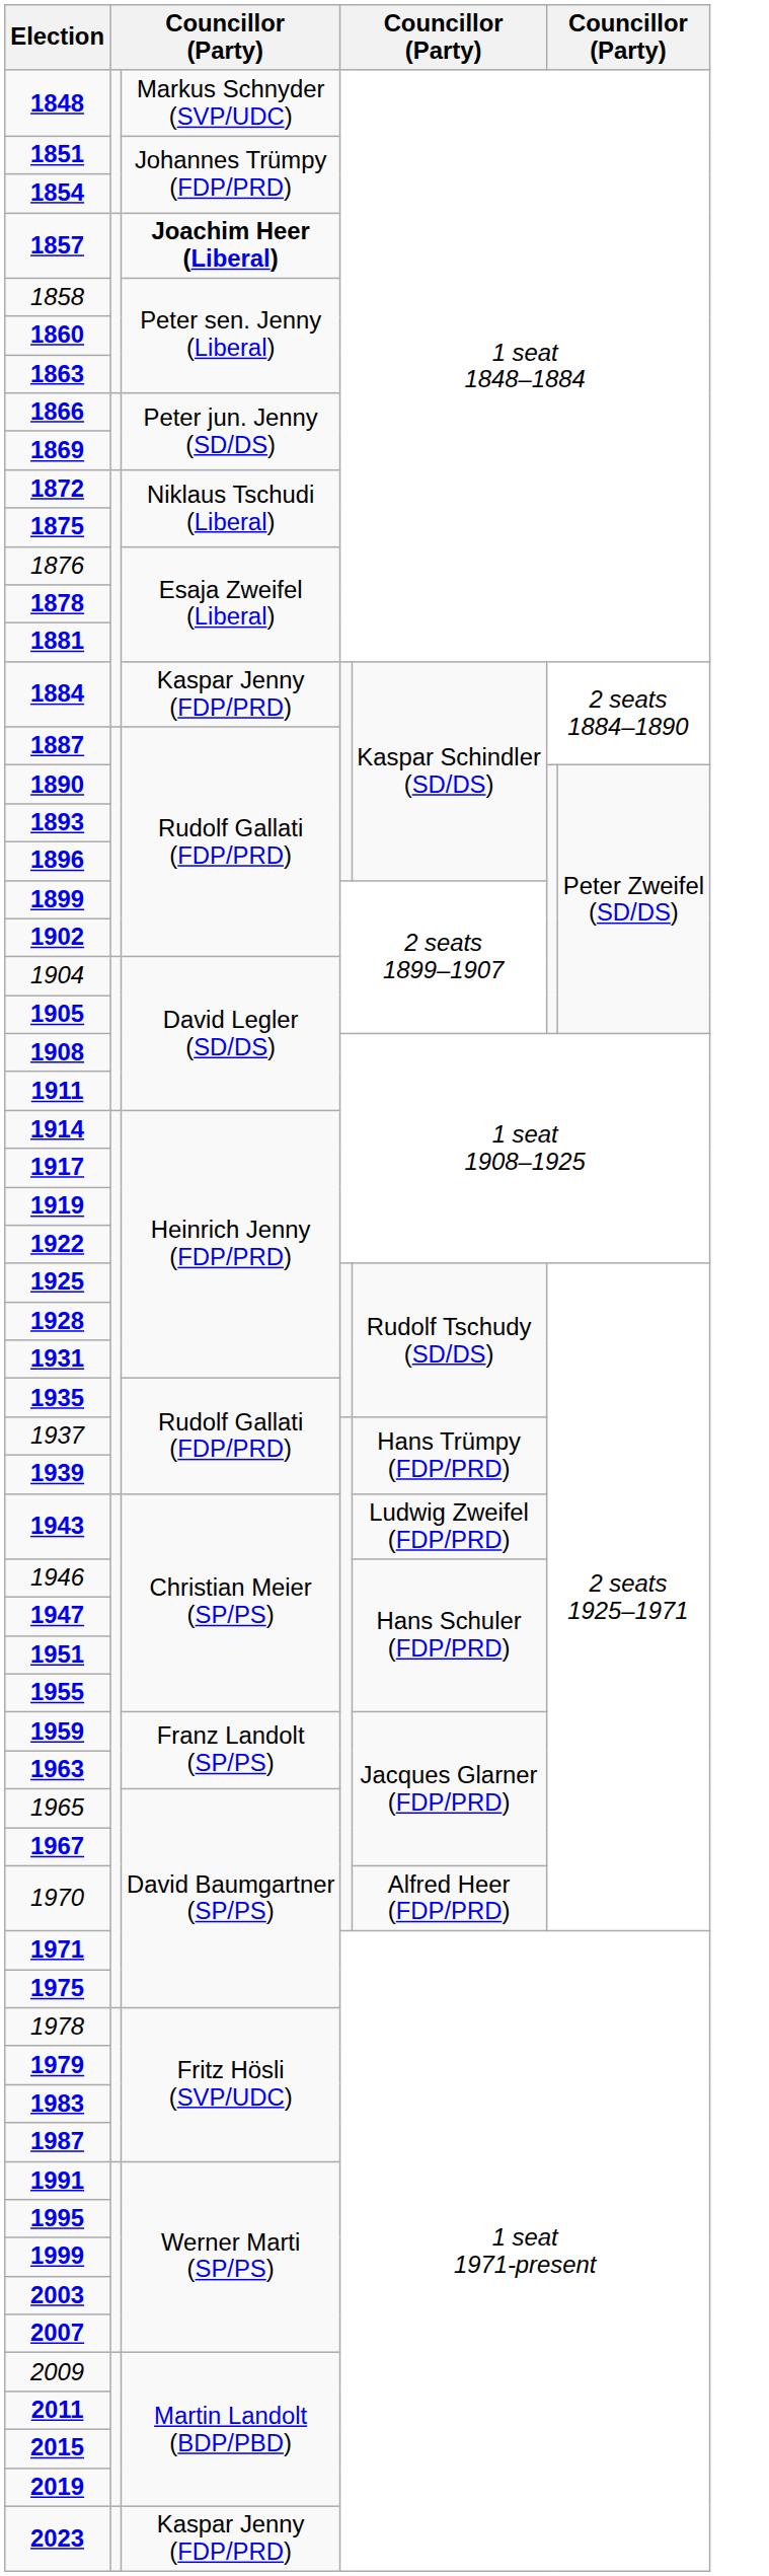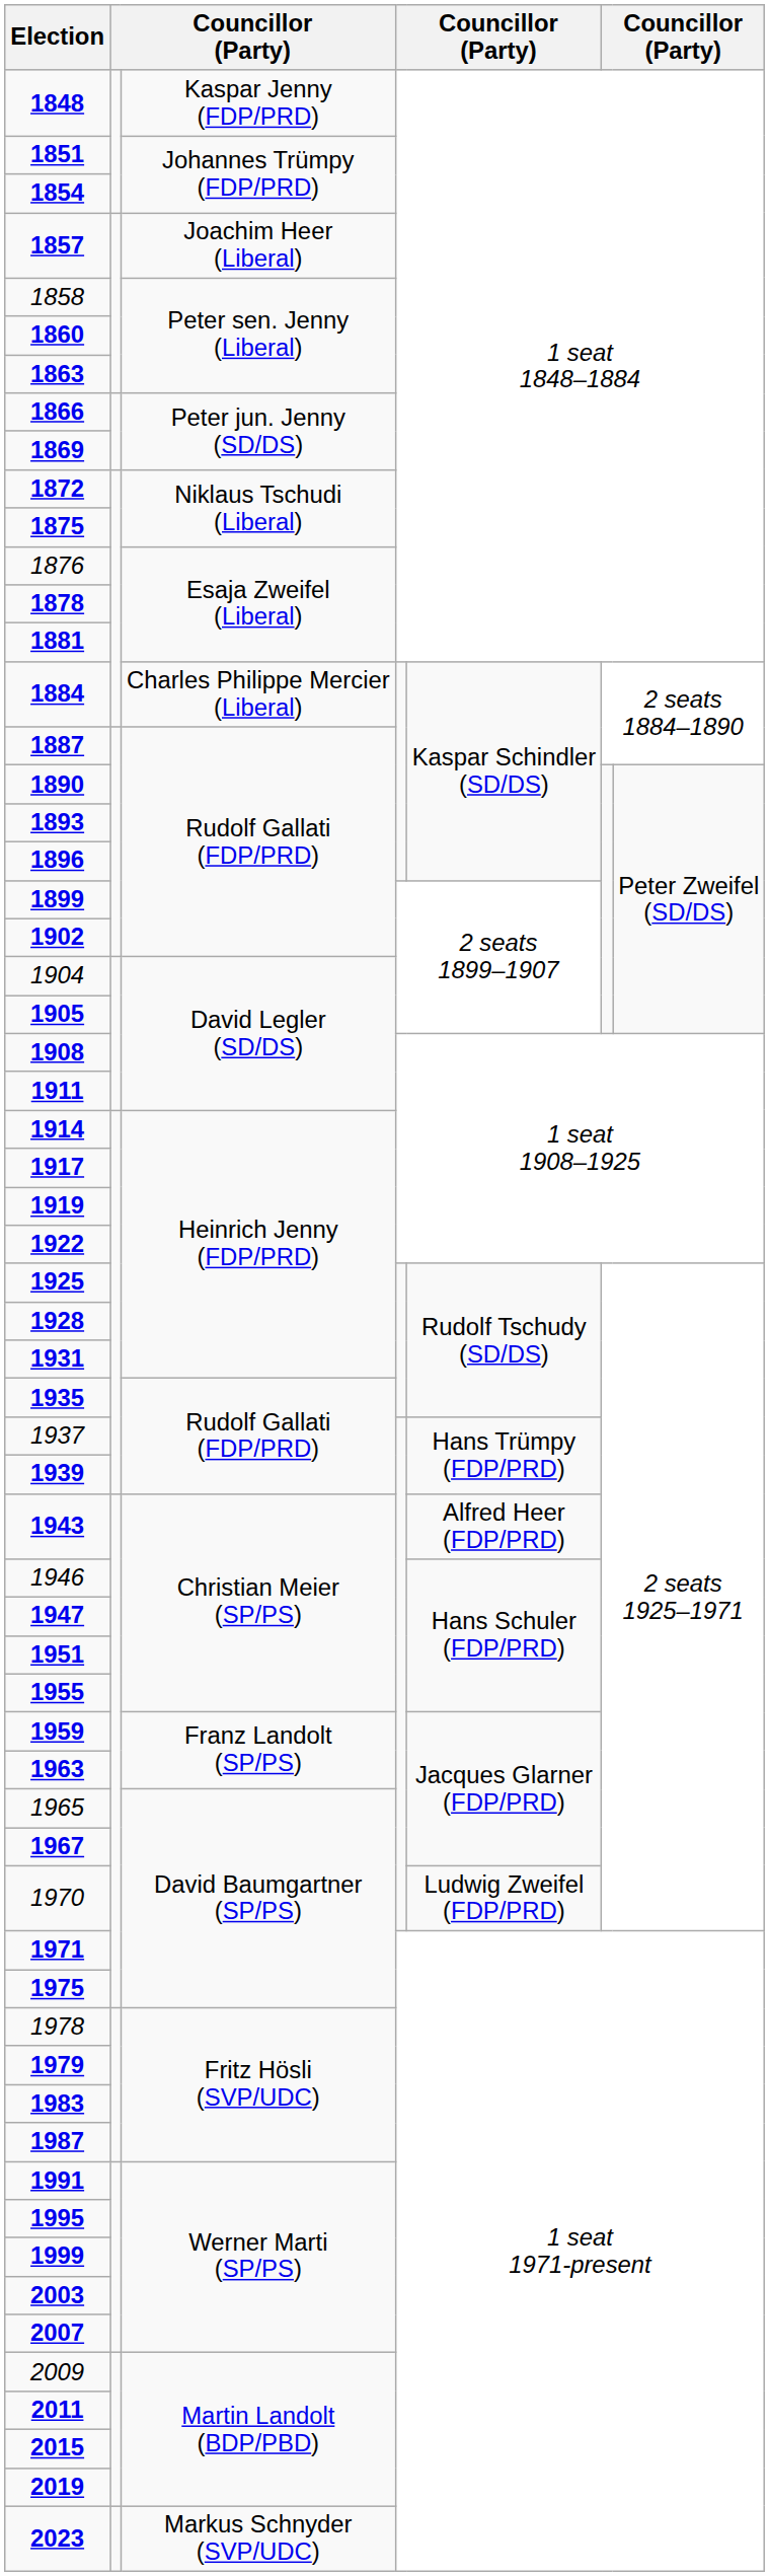 <table class="wikitable" style="text-align:center">
 <tr>
 <th>Election</th>
 <th colspan=2>Councillor<br>(Party)</th>
 <th colspan=2>Councillor<br>(Party)</th>
 <th colspan=2>Councillor<br>(Party)</th>
 </tr>
 <tr>
 <td><strong><a href='#'>1848</a></strong></td>
 <td rowspan=3; style="background-color: "></td>
-<td rowspan="1">Markus Schnyder<br>(<a href='#'>SVP/UDC</a>)</td>
+<td rowspan="1">Kaspar Jenny<br>(<a href='#'>FDP/PRD</a>)</td>
 <td colspan="4" rowspan="14" style="background-color:#FFFFFF"><em>1 seat<br>1848–1884</em></td>
 </tr>
 <tr>
 <td><strong><a href='#'>1851</a></strong></td>
 <td rowspan="2">Johannes Trümpy<br>(<a href='#'>FDP/PRD</a>)</td>
 </tr>
 <tr>
 <td><strong><a href='#'>1854</a></strong></td>
 </tr>
 <tr>
 <td><strong><a href='#'>1857</a></strong></td>
 <td rowspan=4; style="background-color: "></td>
-<td rowspan="1"><strong>Joachim Heer<br>(<a href='#'>Liberal</a>)</strong></td>
+<td rowspan="1">Joachim Heer<br>(<a href='#'>Liberal</a>)</td>
 </tr>
 <tr>
 <td><em>1858</em></td>
 <td rowspan="3">Peter sen. Jenny<br>(<a href='#'>Liberal</a>)</td>
 </tr>
 <tr>
 <td><strong><a href='#'>1860</a></strong></td>
 </tr>
 <tr>
 <td><strong><a href='#'>1863</a></strong></td>
 </tr>
 <tr>
 <td><strong><a href='#'>1866</a></strong></td>
 <td rowspan=2; style="background-color: "></td>
 <td rowspan="2">Peter jun. Jenny<br>(<a href='#'>SD/DS</a>)</td>
 </tr>
 <tr>
 <td><strong><a href='#'>1869</a></strong></td>
 </tr>
 <tr>
 <td><strong><a href='#'>1872</a></strong></td>
 <td rowspan=6; style="background-color: "></td>
 <td rowspan="2">Niklaus Tschudi<br>(<a href='#'>Liberal</a>)</td>
 </tr>
 <tr>
 <td><strong><a href='#'>1875</a></strong></td>
 </tr>
 <tr>
 <td><em>1876</em></td>
 <td rowspan="3">Esaja Zweifel<br>(<a href='#'>Liberal</a>)</td>
 </tr>
 <tr>
 <td><strong><a href='#'>1878</a></strong></td>
 </tr>
 <tr>
 <td><strong><a href='#'>1881</a></strong></td>
 </tr>
 <tr>
 <td><strong><a href='#'>1884</a></strong></td>
-<td rowspan="1">Kaspar Jenny<br>(<a href='#'>FDP/PRD</a>)</td>
+<td rowspan="1">Charles Philippe Mercier<br>(<a href='#'>Liberal</a>)</td>
 <td rowspan=5; style="background-color: "></td>
 <td rowspan="5">Kaspar Schindler<br>(<a href='#'>SD/DS</a>)</td>
 <td colspan="2" rowspan="2" style="background-color:#FFFFFF"><em>2 seats<br>1884–1890</em></td>
 </tr>
 <tr>
 <td><strong><a href='#'>1887</a></strong></td>
 <td rowspan=6; style="background-color: "></td>
 <td rowspan="6">Rudolf Gallati<br>(<a href='#'>FDP/PRD</a>)</td>
 </tr>
 <tr>
 <td><strong><a href='#'>1890</a></strong></td>
 <td rowspan=7; style="background-color: "></td>
 <td rowspan="7">Peter Zweifel<br>(<a href='#'>SD/DS</a>)</td>
 </tr>
 <tr>
 <td><strong><a href='#'>1893</a></strong></td>
 </tr>
 <tr>
 <td><strong><a href='#'>1896</a></strong></td>
 </tr>
 <tr>
 <td><strong><a href='#'>1899</a></strong></td>
 <td colspan="2" rowspan="4" style="background-color:#FFFFFF"><em>2 seats<br>1899–1907</em></td>
 </tr>
 <tr>
 <td><strong><a href='#'>1902</a></strong></td>
 </tr>
 <tr>
 <td><em>1904</em></td>
 <td rowspan=4; style="background-color: "></td>
 <td rowspan="4">David Legler<br>(<a href='#'>SD/DS</a>)</td>
 </tr>
 <tr>
 <td><strong><a href='#'>1905</a></strong></td>
 </tr>
 <tr>
 <td><strong><a href='#'>1908</a></strong></td>
 <td colspan="4" rowspan="6" style="background-color:#FFFFFF"><em>1 seat<br>1908–1925</em></td>
 </tr>
 <tr>
 <td><strong><a href='#'>1911</a></strong></td>
 </tr>
 <tr>
 <td><strong><a href='#'>1914</a></strong></td>
 <td rowspan=10; style="background-color: "></td>
 <td rowspan="7">Heinrich Jenny<br>(<a href='#'>FDP/PRD</a>)</td>
 </tr>
 <tr>
 <td><strong><a href='#'>1917</a></strong></td>
 </tr>
 <tr>
 <td><strong><a href='#'>1919</a></strong></td>
 </tr>
 <tr>
 <td><strong><a href='#'>1922</a></strong></td>
 </tr>
 <tr>
 <td><strong><a href='#'>1925</a></strong></td>
 <td rowspan=4; style="background-color: "></td>
 <td rowspan="4">Rudolf Tschudy<br>(<a href='#'>SD/DS</a>)</td>
 <td colspan="2" rowspan="16" style="background-color:#FFFFFF"><em>2 seats<br>1925–1971</em></td>
 </tr>
 <tr>
 <td><strong><a href='#'>1928</a></strong></td>
 </tr>
 <tr>
 <td><strong><a href='#'>1931</a></strong></td>
 </tr>
 <tr>
 <td><strong><a href='#'>1935</a></strong></td>
 <td rowspan="3">Rudolf Gallati<br>(<a href='#'>FDP/PRD</a>)</td>
 </tr>
 <tr>
 <td><em>1937</em></td>
 <td rowspan=12; style="background-color: "></td>
 <td rowspan="2">Hans Trümpy<br>(<a href='#'>FDP/PRD</a>)</td>
 </tr>
 <tr>
 <td><strong><a href='#'>1939</a></strong></td>
 </tr>
 <tr>
 <td><strong><a href='#'>1943</a></strong></td>
 <td rowspan=12; style="background-color: "></td>
 <td rowspan="5">Christian Meier<br>(<a href='#'>SP/PS</a>)</td>
-<td rowspan="1">Ludwig Zweifel<br>(<a href='#'>FDP/PRD</a>)</td>
+<td rowspan="1">Alfred Heer<br>(<a href='#'>FDP/PRD</a>)</td>
 </tr>
 <tr>
 <td><em>1946</em></td>
 <td rowspan="4">Hans Schuler<br>(<a href='#'>FDP/PRD</a>)</td>
 </tr>
 <tr>
 <td><strong><a href='#'>1947</a></strong></td>
 </tr>
 <tr>
 <td><strong><a href='#'>1951</a></strong></td>
 </tr>
 <tr>
 <td><strong><a href='#'>1955</a></strong></td>
 </tr>
 <tr>
 <td><strong><a href='#'>1959</a></strong></td>
 <td rowspan="2">Franz Landolt<br>(<a href='#'>SP/PS</a>)</td>
 <td rowspan="4">Jacques Glarner<br>(<a href='#'>FDP/PRD</a>)</td>
 </tr>
 <tr>
 <td><strong><a href='#'>1963</a></strong></td>
 </tr>
 <tr>
 <td><em>1965</em></td>
 <td rowspan="5">David Baumgartner<br>(<a href='#'>SP/PS</a>)</td>
 </tr>
 <tr>
 <td><strong><a href='#'>1967</a></strong></td>
 </tr>
 <tr>
 <td><em>1970</em></td>
-<td rowspan="1">Alfred Heer<br>(<a href='#'>FDP/PRD</a>)</td>
+<td rowspan="1">Ludwig Zweifel<br>(<a href='#'>FDP/PRD</a>)</td>
 </tr>
 <tr>
 <td><strong><a href='#'>1971</a></strong></td>
 <td colspan="4" rowspan="16" style="background-color:#FFFFFF"><em>1 seat<br>1971-present</em></td>
 </tr>
 <tr>
 <td><strong><a href='#'>1975</a></strong></td>
 </tr>
 <tr>
 <td><em>1978</em></td>
 <td rowspan=4; style="background-color: "></td>
 <td rowspan="4">Fritz Hösli<br>(<a href='#'>SVP/UDC</a>)</td>
 </tr>
 <tr>
 <td><strong><a href='#'>1979</a></strong></td>
 </tr>
 <tr>
 <td><strong><a href='#'>1983</a></strong></td>
 </tr>
 <tr>
 <td><strong><a href='#'>1987</a></strong></td>
 </tr>
 <tr>
 <td><strong><a href='#'>1991</a></strong></td>
 <td rowspan=5; style="background-color: "></td>
 <td rowspan="5">Werner Marti<br>(<a href='#'>SP/PS</a>)</td>
 </tr>
 <tr>
 <td><strong><a href='#'>1995</a></strong></td>
 </tr>
 <tr>
 <td><strong><a href='#'>1999</a></strong></td>
 </tr>
 <tr>
 <td><strong><a href='#'>2003</a></strong></td>
 </tr>
 <tr>
 <td><strong><a href='#'>2007</a></strong></td>
 </tr>
 <tr>
 <td><em>2009</em></td>
 <td rowspan=4; style="background-color: "></td>
 <td rowspan="4"><a href='#'>Martin Landolt</a><br>(<a href='#'>BDP/PBD</a>)</td>
 </tr>
 <tr>
 <td><strong><a href='#'>2011</a></strong></td>
 </tr>
 <tr>
 <td><strong><a href='#'>2015</a></strong></td>
 </tr>
 <tr>
 <td><strong><a href='#'>2019</a></strong></td>
 </tr>
 <tr>
 <td><strong><a href='#'>2023</a></strong></td>
 <td rowspan=1; style="background-color: "></td>
-<td rowspan="1">Kaspar Jenny<br>(<a href='#'>FDP/PRD</a>)</td>
+<td rowspan="1">Markus Schnyder<br>(<a href='#'>SVP/UDC</a>)</td>
 </tr>
 </table>
